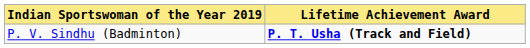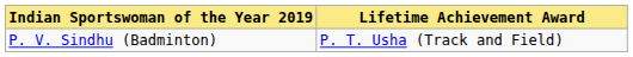 <table class="wikitable" style="font-size:100%">
 <tr>
 <th style="background:#FAEB86;" width="50%">Indian Sportswoman of the Year 2019</th>
 <th style="background:#FAEB86;" width="50%">Lifetime Achievement Award</th>
 </tr>
 <tr>
 <td valign="top"><a href='#'>P. V. Sindhu</a> (Badminton)</td>
-<td valign="top"><strong><a href='#'>P. T. Usha</a> (Track and Field)</strong></td>
+<td valign="top"><a href='#'>P. T. Usha</a> (Track and Field)</td>
 </tr>
 </table>
